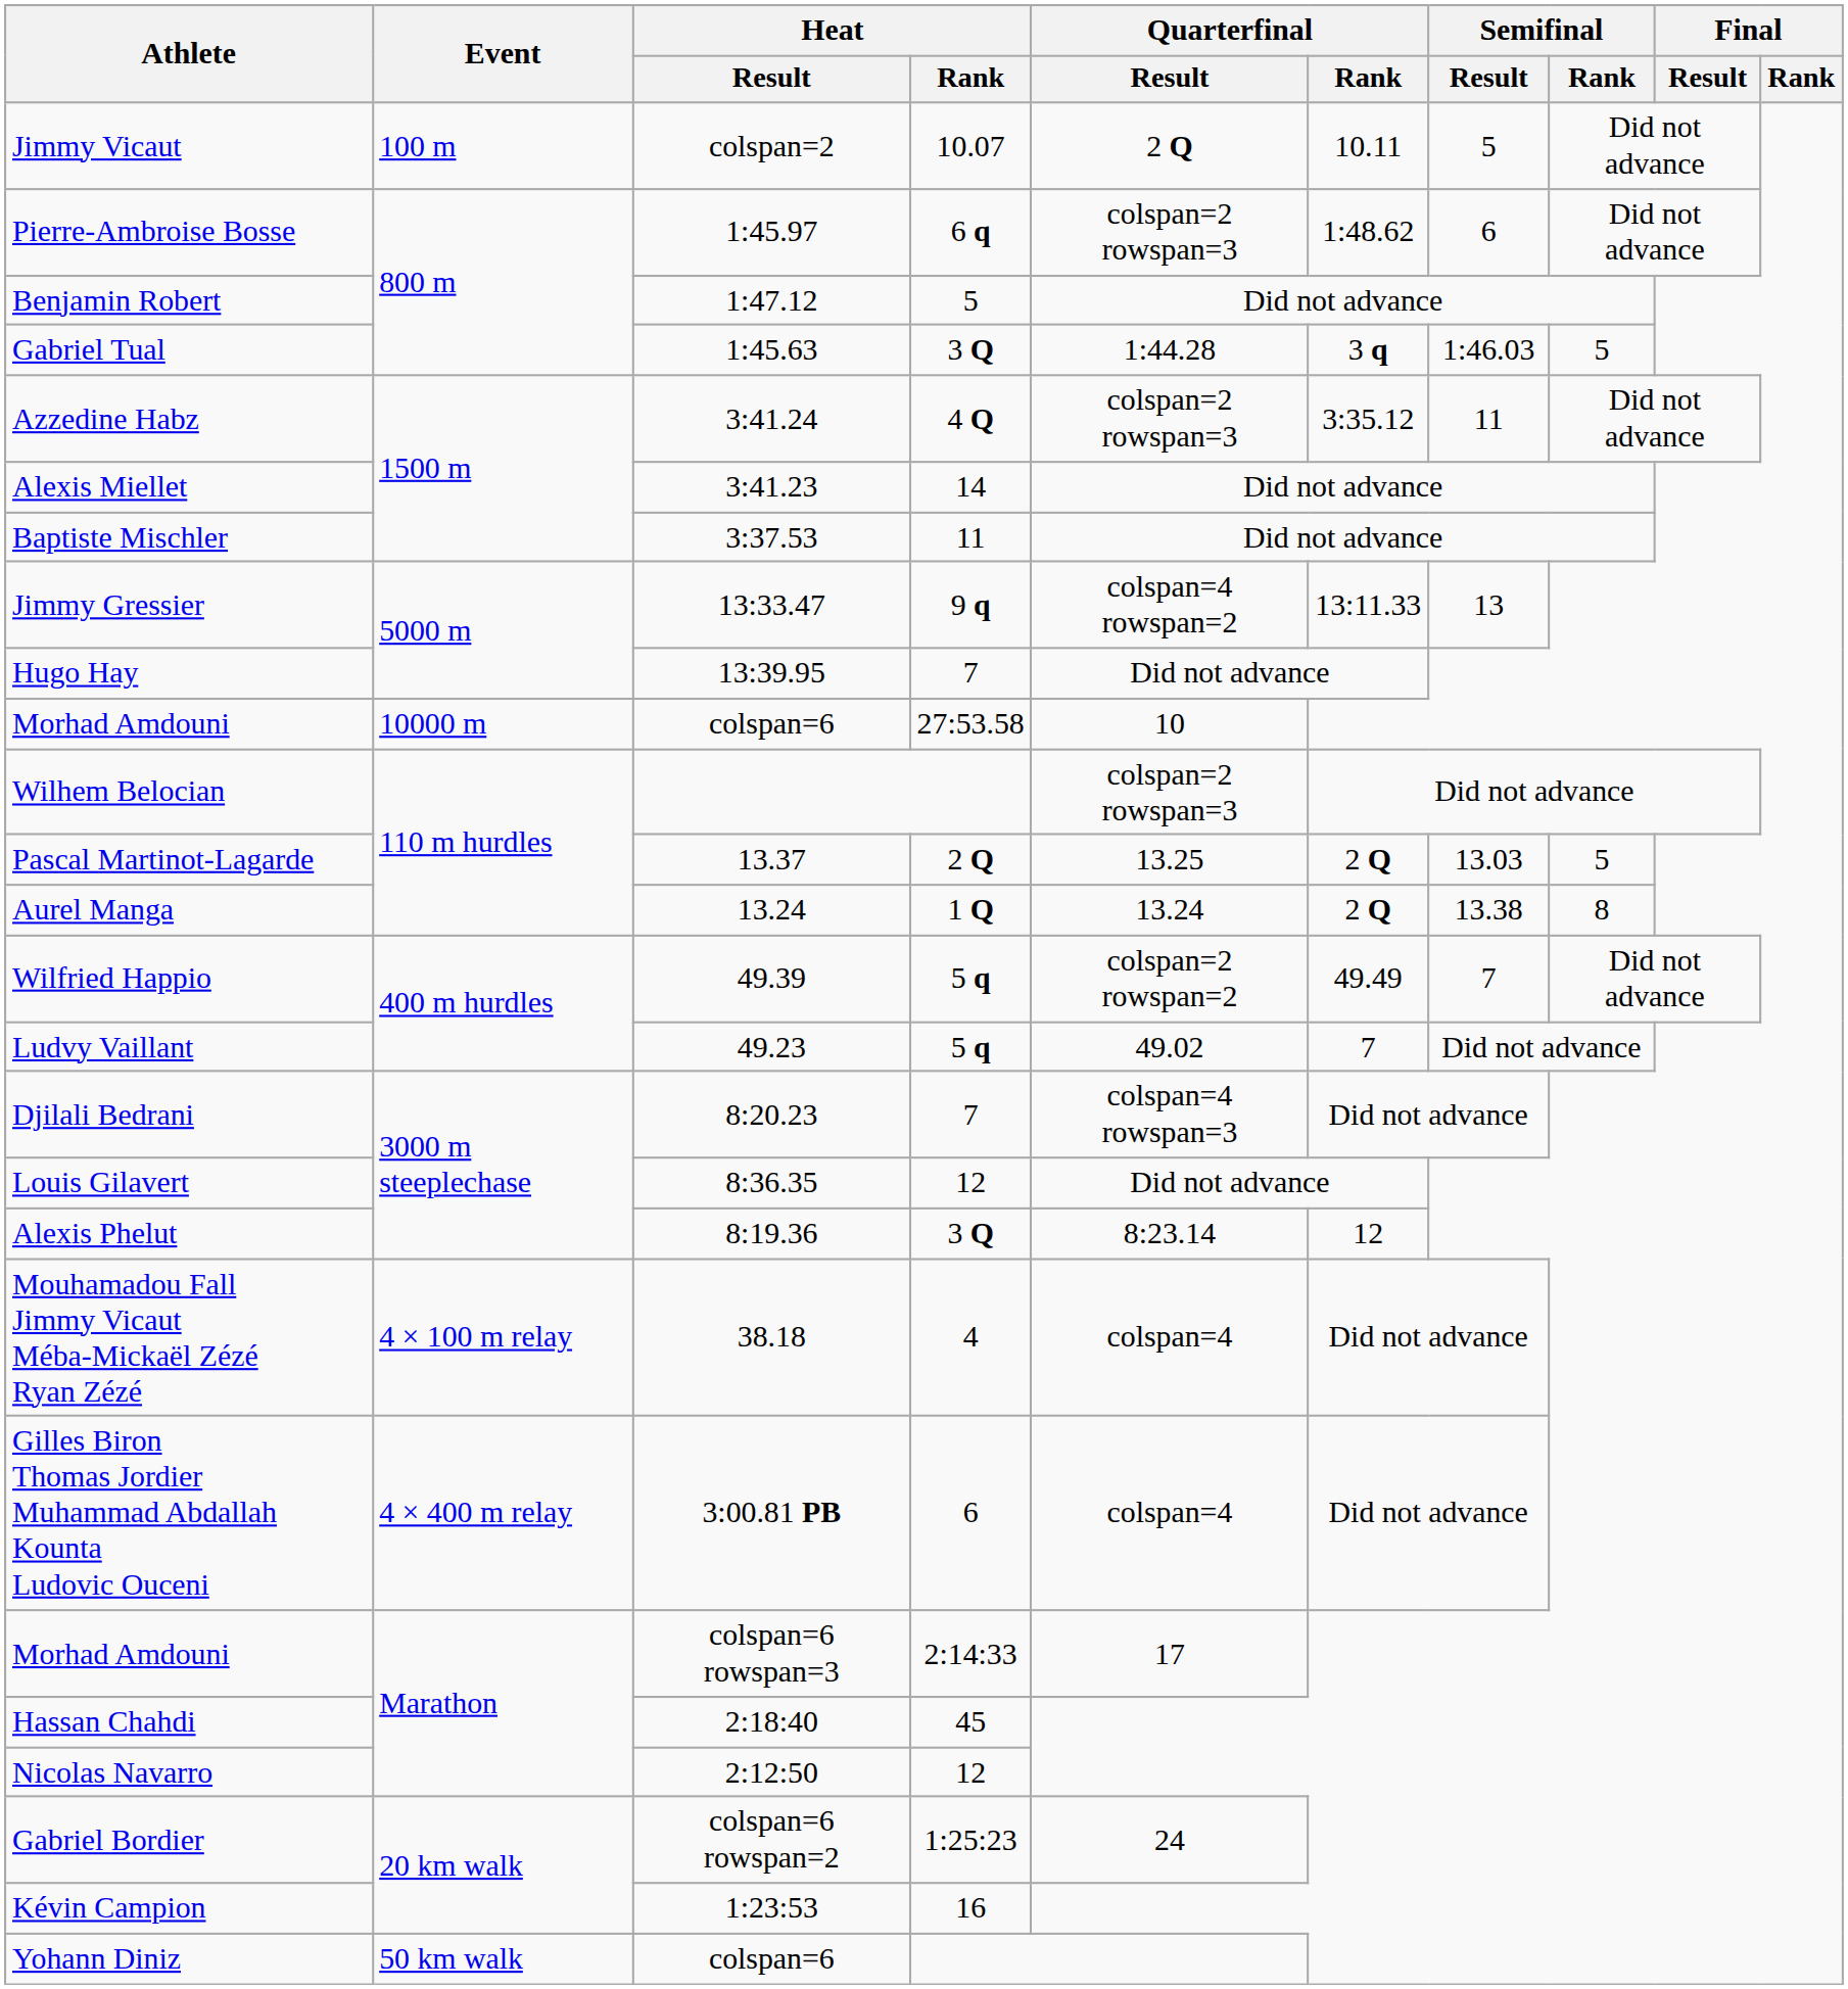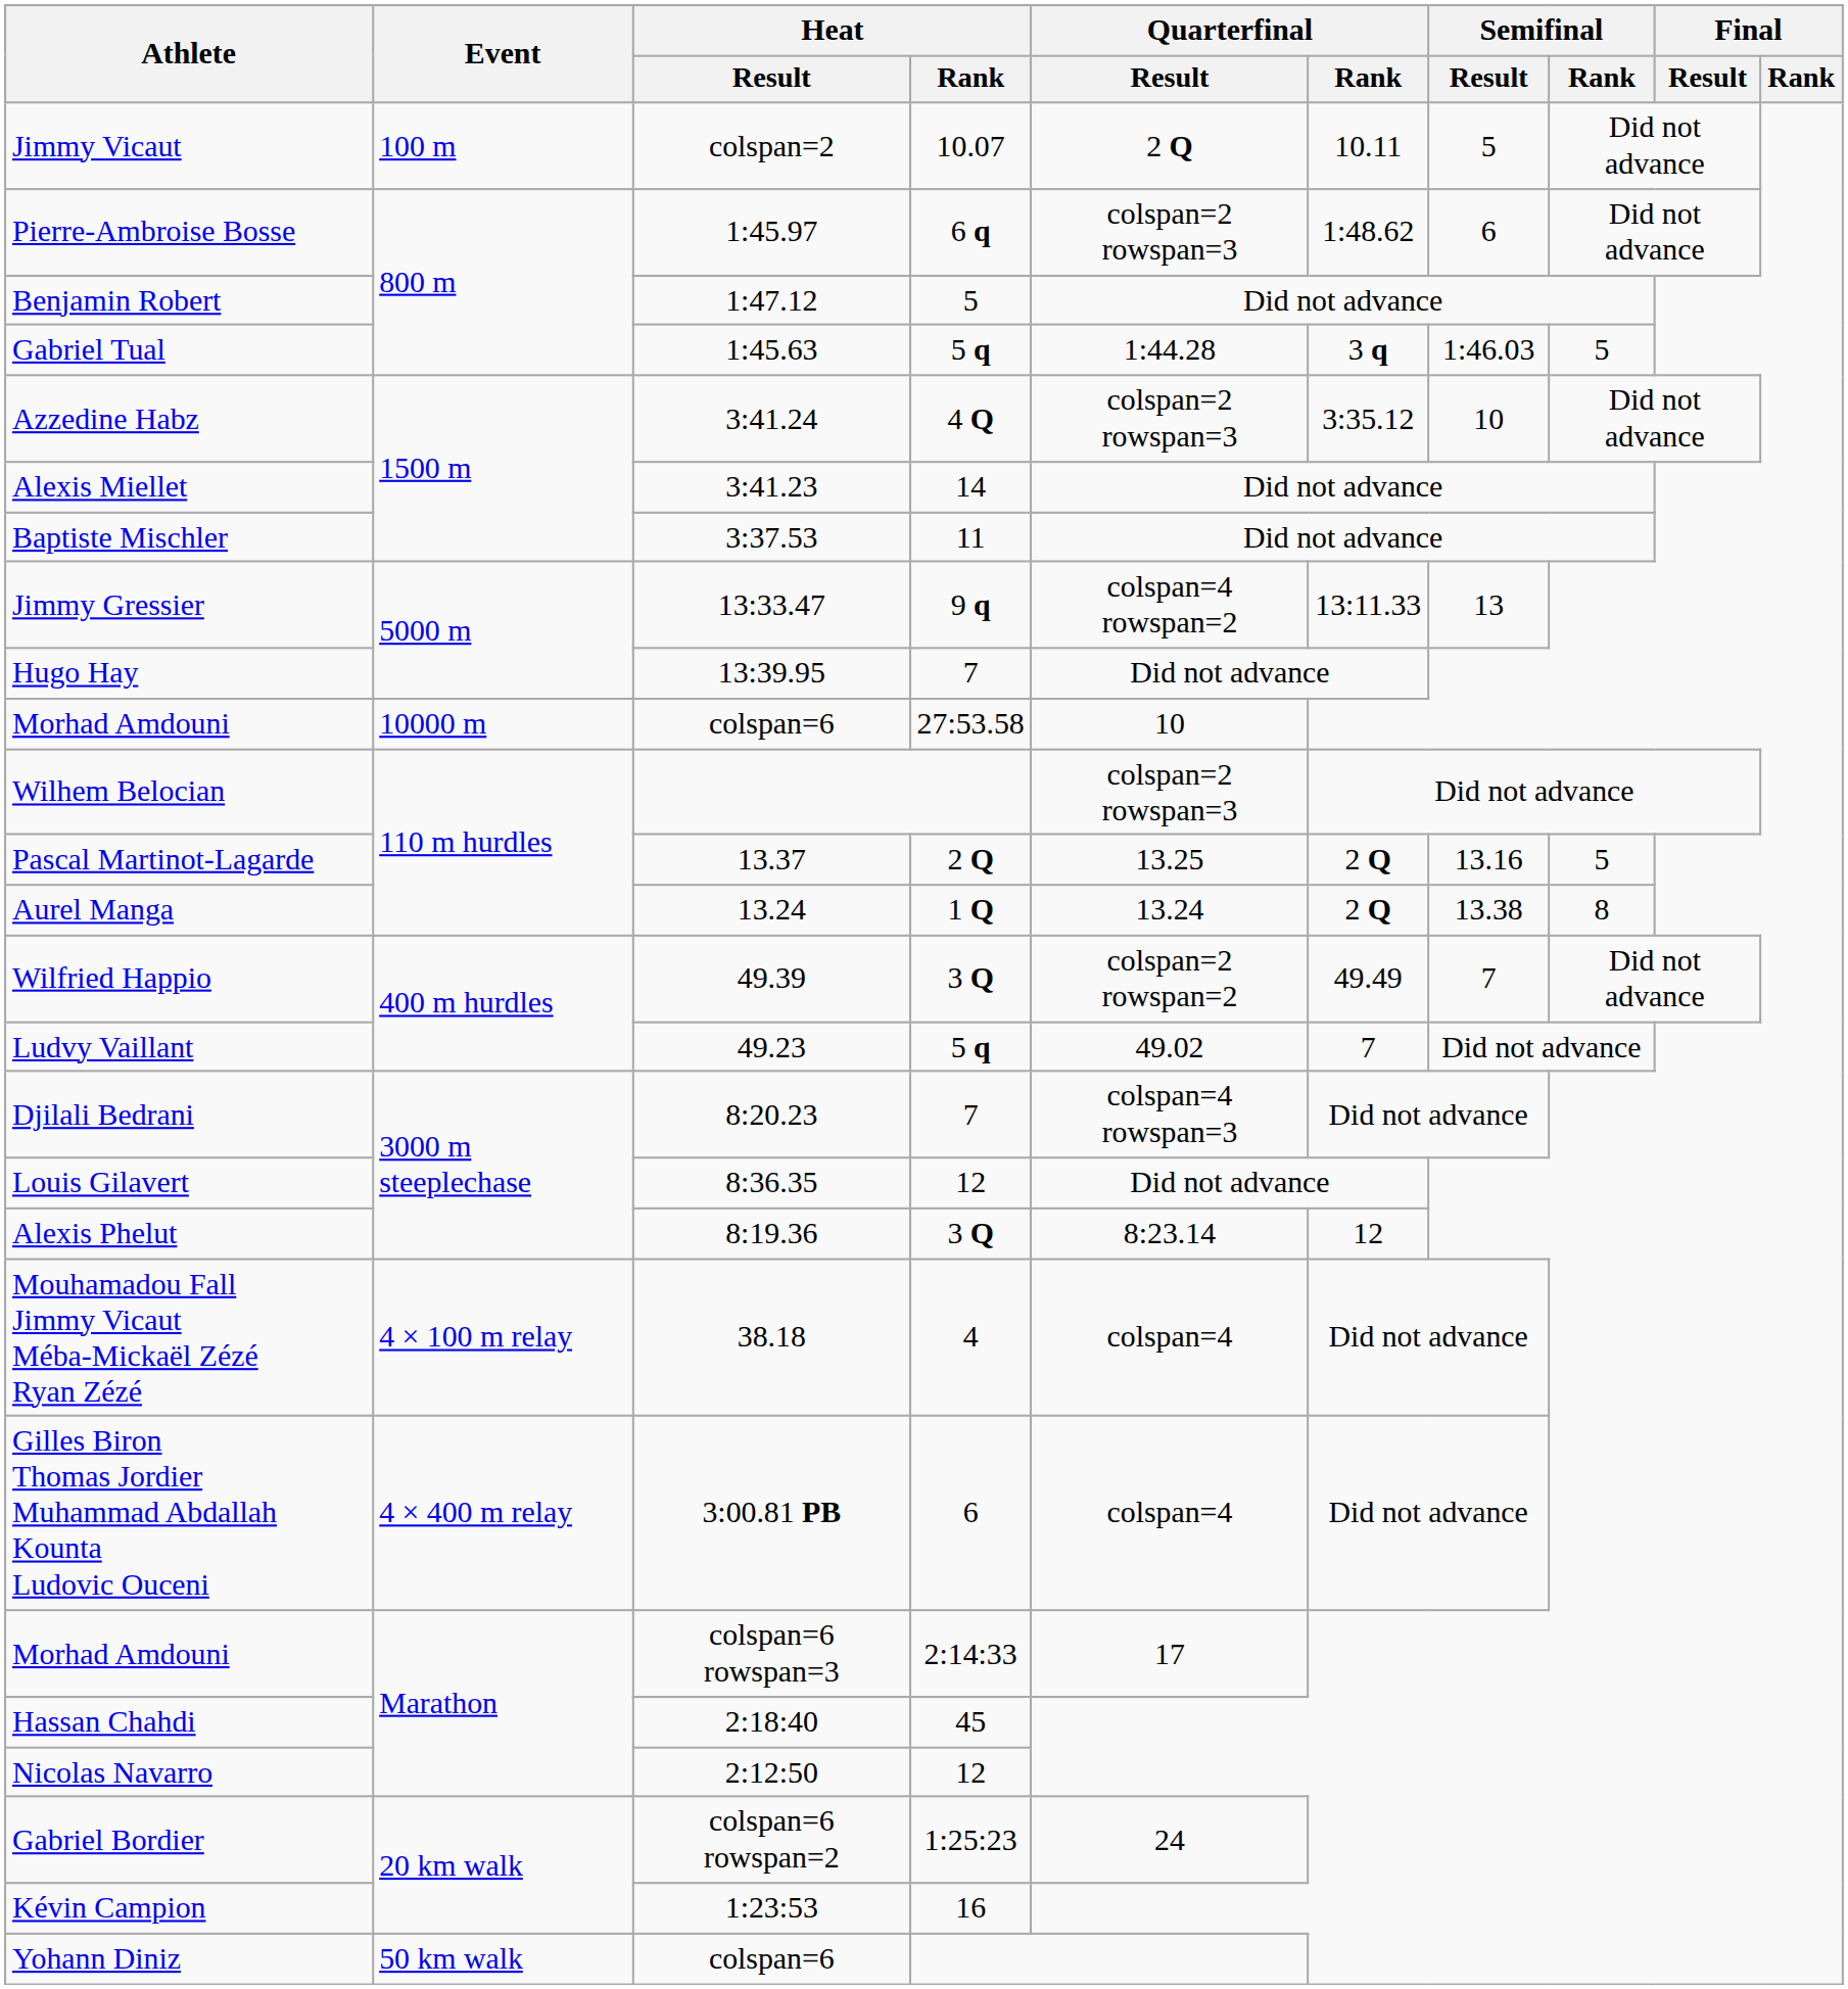 <table class="wikitable" style="font-size:90%">
 <tr>
 <th rowspan="2">Athlete</th>
 <th rowspan="2">Event</th>
 <th colspan="2">Heat</th>
 <th colspan="2">Quarterfinal</th>
 <th colspan="2">Semifinal</th>
 <th colspan="2">Final</th>
 </tr>
 <tr style="font-size:95%">
 <th>Result</th>
 <th>Rank</th>
 <th>Result</th>
 <th>Rank</th>
 <th>Result</th>
 <th>Rank</th>
 <th>Result</th>
 <th>Rank</th>
 </tr>
 <tr align=center>
 <td align="left"><a href='#'>Jimmy Vicaut</a></td>
 <td align="left"><a href='#'>100 m</a></td>
 <td>colspan=2 </td>
 <td>10.07</td>
 <td>2 <strong>Q</strong></td>
 <td>10.11</td>
 <td>5</td>
 <td colspan=2>Did not advance</td>
 </tr>
 <tr align=center>
 <td align="left"><a href='#'>Pierre-Ambroise Bosse</a></td>
 <td align="left" rowspan=3><a href='#'>800 m</a></td>
 <td>1:45.97</td>
 <td>6 <strong>q</strong></td>
 <td>colspan=2 rowspan=3 </td>
 <td>1:48.62</td>
 <td>6</td>
 <td colspan=2>Did not advance</td>
 </tr>
 <tr align=center>
 <td align="left"><a href='#'>Benjamin Robert</a></td>
 <td>1:47.12</td>
 <td>5</td>
 <td colspan=4>Did not advance</td>
 </tr>
 <tr align=center>
 <td align="left"><a href='#'>Gabriel Tual</a></td>
 <td>1:45.63</td>
-<td>3 <strong>Q</strong></td>
+<td>5 <strong>q</strong></td>
 <td>1:44.28</td>
 <td>3 <strong>q</strong></td>
 <td>1:46.03</td>
 <td>5</td>
 </tr>
 <tr align=center>
 <td align="left"><a href='#'>Azzedine Habz</a></td>
 <td align="left" rowspan=3><a href='#'>1500 m</a></td>
 <td>3:41.24</td>
 <td>4 <strong>Q</strong></td>
 <td>colspan=2 rowspan=3 </td>
 <td>3:35.12</td>
-<td>11</td>
+<td>10</td>
 <td colspan=2>Did not advance</td>
 </tr>
 <tr align=center>
 <td align="left"><a href='#'>Alexis Miellet</a></td>
 <td>3:41.23</td>
 <td>14</td>
 <td colspan=4>Did not advance</td>
 </tr>
 <tr align=center>
 <td align="left"><a href='#'>Baptiste Mischler</a></td>
 <td>3:37.53</td>
 <td>11</td>
 <td colspan=4>Did not advance</td>
 </tr>
 <tr align=center>
 <td align="left"><a href='#'>Jimmy Gressier</a></td>
 <td align="left" rowspan=2><a href='#'>5000 m</a></td>
 <td>13:33.47</td>
 <td>9 <strong>q</strong></td>
 <td>colspan=4 rowspan=2 </td>
 <td>13:11.33</td>
 <td>13</td>
 </tr>
 <tr align=center>
 <td align="left"><a href='#'>Hugo Hay</a></td>
 <td>13:39.95</td>
 <td>7</td>
 <td colspan=2>Did not advance</td>
 </tr>
 <tr align=center>
 <td align="left"><a href='#'>Morhad Amdouni</a></td>
 <td align="left"><a href='#'>10000 m</a></td>
 <td>colspan=6 </td>
 <td>27:53.58</td>
 <td>10</td>
 </tr>
 <tr align=center>
 <td align="left"><a href='#'>Wilhem Belocian</a></td>
 <td align="left" rowspan=3><a href='#'>110 m hurdles</a></td>
 <td colspan=2></td>
 <td>colspan=2 rowspan=3 </td>
 <td colspan=4>Did not advance</td>
 </tr>
 <tr align=center>
 <td align="left"><a href='#'>Pascal Martinot-Lagarde</a></td>
 <td>13.37</td>
 <td>2 <strong>Q</strong></td>
 <td>13.25</td>
 <td>2 <strong>Q</strong></td>
-<td>13.03</td>
+<td>13.16</td>
 <td>5</td>
 </tr>
 <tr align=center>
 <td align="left"><a href='#'>Aurel Manga</a></td>
 <td>13.24</td>
 <td>1 <strong>Q</strong></td>
 <td>13.24</td>
 <td>2 <strong>Q</strong></td>
 <td>13.38</td>
 <td>8</td>
 </tr>
 <tr align=center>
 <td align="left"><a href='#'>Wilfried Happio</a></td>
 <td align="left"rowspan=2><a href='#'>400 m hurdles</a></td>
 <td>49.39</td>
-<td>5 <strong>q</strong></td>
+<td>3 <strong>Q</strong></td>
 <td>colspan=2 rowspan=2 </td>
 <td>49.49</td>
 <td>7</td>
 <td colspan=2>Did not advance</td>
 </tr>
 <tr align=center>
 <td align="left"><a href='#'>Ludvy Vaillant</a></td>
 <td>49.23</td>
 <td>5 <strong>q</strong></td>
 <td>49.02</td>
 <td>7</td>
 <td colspan=2>Did not advance</td>
 </tr>
 <tr align=center>
 <td align="left"><a href='#'>Djilali Bedrani</a></td>
 <td align="left" rowspan=3><a href='#'>3000 m steeplechase</a></td>
 <td>8:20.23</td>
 <td>7</td>
 <td>colspan=4 rowspan=3 </td>
 <td colspan=2>Did not advance</td>
 </tr>
 <tr align=center>
 <td align="left"><a href='#'>Louis Gilavert</a></td>
 <td>8:36.35</td>
 <td>12</td>
 <td colspan=2>Did not advance</td>
 </tr>
 <tr align=center>
 <td align="left"><a href='#'>Alexis Phelut</a></td>
 <td>8:19.36</td>
 <td>3 <strong>Q</strong></td>
 <td>8:23.14</td>
 <td>12</td>
 </tr>
 <tr align=center>
 <td align=left><a href='#'>Mouhamadou Fall</a><br><a href='#'>Jimmy Vicaut</a><br><a href='#'>Méba-Mickaël Zézé</a><br><a href='#'>Ryan Zézé</a></td>
 <td align=left><a href='#'>4 × 100 m relay</a></td>
 <td>38.18</td>
 <td>4</td>
 <td>colspan=4 </td>
 <td colspan=2>Did not advance</td>
 </tr>
 <tr align=center>
 <td align=left><a href='#'>Gilles Biron</a><br><a href='#'>Thomas Jordier</a><br><a href='#'>Muhammad Abdallah Kounta</a><br><a href='#'>Ludovic Ouceni</a></td>
 <td align=left><a href='#'>4 × 400 m relay</a></td>
 <td>3:00.81 <strong>PB</strong></td>
 <td>6</td>
 <td>colspan=4 </td>
 <td colspan=2>Did not advance</td>
 </tr>
 <tr align=center>
 <td align="left"><a href='#'>Morhad Amdouni</a></td>
 <td align="left" rowspan=3><a href='#'>Marathon</a></td>
 <td>colspan=6 rowspan=3 </td>
 <td>2:14:33</td>
 <td>17</td>
 </tr>
 <tr align=center>
 <td align="left"><a href='#'>Hassan Chahdi</a></td>
 <td>2:18:40</td>
 <td>45</td>
 </tr>
 <tr align=center>
 <td align="left"><a href='#'>Nicolas Navarro</a></td>
 <td>2:12:50</td>
 <td>12</td>
 </tr>
 <tr align=center>
 <td align="left"><a href='#'>Gabriel Bordier</a></td>
 <td align="left" rowspan=2><a href='#'>20 km walk</a></td>
 <td>colspan=6 rowspan=2 </td>
 <td>1:25:23</td>
 <td>24</td>
 </tr>
 <tr align=center>
 <td align="left"><a href='#'>Kévin Campion</a></td>
 <td>1:23:53</td>
 <td>16</td>
 </tr>
 <tr align=center>
 <td align="left"><a href='#'>Yohann Diniz</a></td>
 <td align="left"><a href='#'>50 km walk</a></td>
 <td>colspan=6 </td>
 <td colspan=2></td>
 </tr>
 </table>
